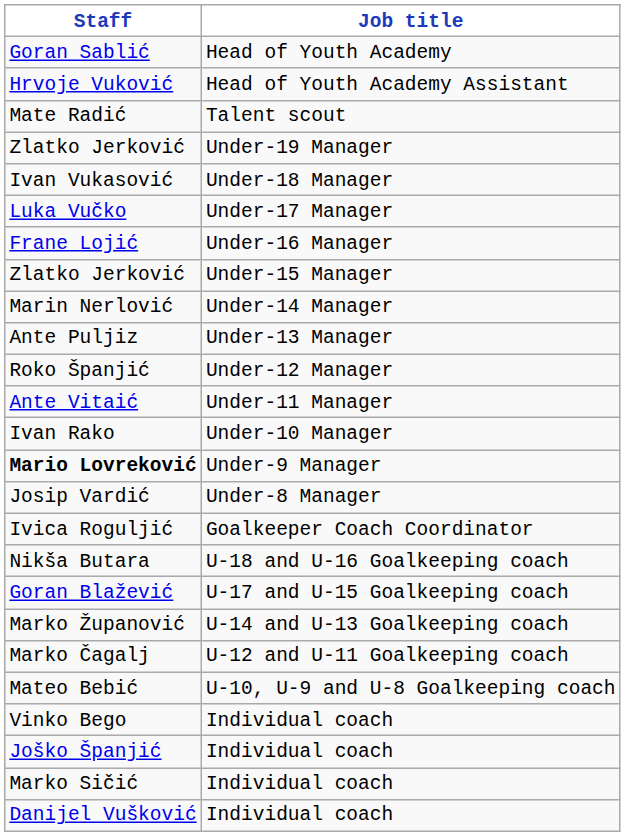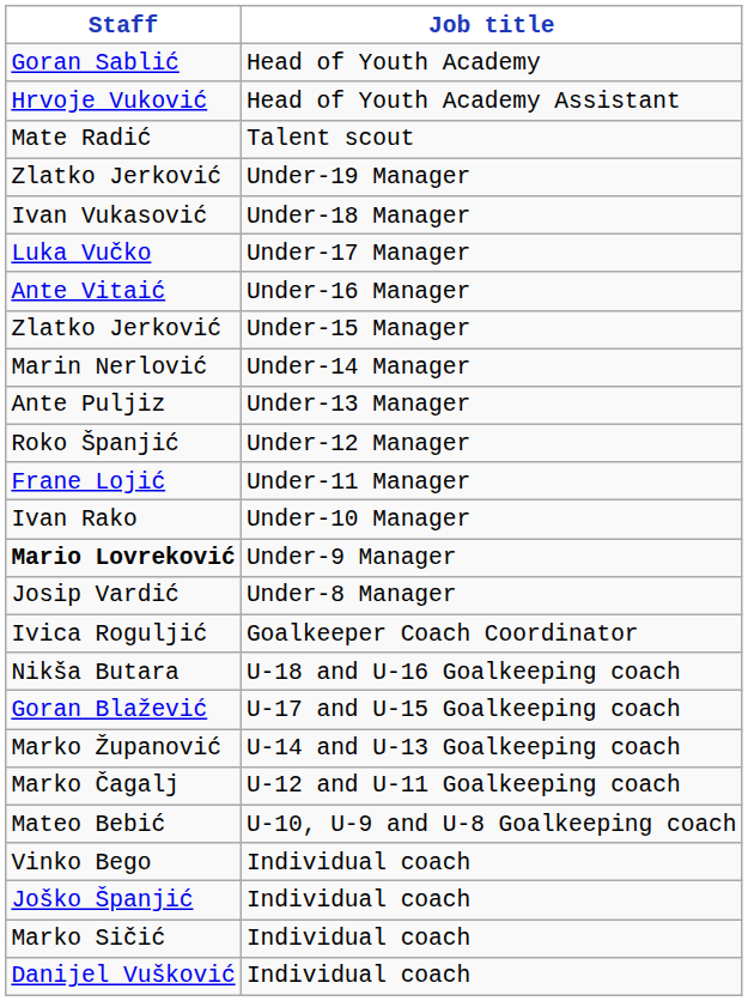 <table class="wikitable">
 <tr>
 <th style="color:#1C39BB; background:#FFFFFF;">Staff</th>
 <th style="color:#1C39BB; background:#FFFFFF;">Job title</th>
 </tr>
 <tr>
 <td> <a href='#'>Goran Sablić</a></td>
 <td>Head of Youth Academy</td>
 </tr>
 <tr>
 <td> <a href='#'>Hrvoje Vuković</a></td>
 <td>Head of Youth Academy Assistant</td>
 </tr>
 <tr>
 <td> Mate Radić</td>
 <td>Talent scout</td>
 </tr>
 <tr>
 <td> Zlatko Jerković</td>
 <td>Under-19 Manager</td>
 </tr>
 <tr>
 <td> Ivan Vukasović</td>
 <td>Under-18 Manager</td>
 </tr>
 <tr>
 <td> <a href='#'>Luka Vučko</a></td>
 <td>Under-17 Manager</td>
 </tr>
 <tr>
-<td> <a href='#'>Frane Lojić</a></td>
+<td> <a href='#'>Ante Vitaić</a></td>
 <td>Under-16 Manager</td>
 </tr>
 <tr>
 <td> Zlatko Jerković</td>
 <td>Under-15 Manager</td>
 </tr>
 <tr>
 <td> Marin Nerlović</td>
 <td>Under-14 Manager</td>
 </tr>
 <tr>
 <td> Ante Puljiz</td>
 <td>Under-13 Manager</td>
 </tr>
 <tr>
 <td> Roko Španjić</td>
 <td>Under-12 Manager</td>
 </tr>
 <tr>
-<td> <a href='#'>Ante Vitaić</a></td>
+<td> <a href='#'>Frane Lojić</a></td>
 <td>Under-11 Manager</td>
 </tr>
 <tr>
 <td> Ivan Rako</td>
 <td>Under-10 Manager</td>
 </tr>
 <tr>
 <td><strong> Mario Lovreković</strong></td>
 <td>Under-9 Manager</td>
 </tr>
 <tr>
 <td> Josip Vardić</td>
 <td>Under-8 Manager</td>
 </tr>
 <tr>
 <td> Ivica Roguljić</td>
 <td>Goalkeeper Coach Coordinator</td>
 </tr>
 <tr>
 <td> Nikša Butara</td>
 <td>U-18 and U-16 Goalkeeping coach</td>
 </tr>
 <tr>
 <td> <a href='#'>Goran Blažević</a></td>
 <td>U-17 and U-15 Goalkeeping coach</td>
 </tr>
 <tr>
 <td> Marko Županović</td>
 <td>U-14 and U-13 Goalkeeping coach</td>
 </tr>
 <tr>
 <td> Marko Čagalj</td>
 <td>U-12 and U-11 Goalkeeping coach</td>
 </tr>
 <tr>
 <td> Mateo Bebić</td>
 <td>U-10, U-9 and U-8 Goalkeeping coach</td>
 </tr>
 <tr>
 <td> Vinko Bego</td>
 <td>Individual coach</td>
 </tr>
 <tr>
 <td> <a href='#'>Joško Španjić</a></td>
 <td>Individual coach</td>
 </tr>
 <tr>
 <td> Marko Sičić</td>
 <td>Individual coach</td>
 </tr>
 <tr>
 <td> <a href='#'>Danijel Vušković</a></td>
 <td>Individual coach</td>
 </tr>
 </table>
